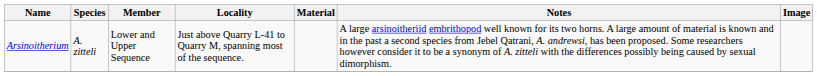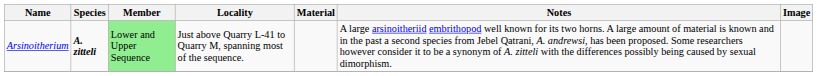 <table class="wikitable" align="center" width="100%">
 <tr>
 <th>Name</th>
 <th>Species</th>
 <th>Member</th>
 <th>Locality</th>
 <th>Material</th>
 <th>Notes</th>
 <th>Image</th>
 </tr>
 <tr>
 <td><em><a href='#'>Arsinoitherium</a></em></td>
-<td><em>A. zitteli</em></td>
-<td>Lower and Upper Sequence</td>
+<td><strong><em>A. zitteli</em></strong></td>
+<td style="background: lightgreen;">Lower and Upper Sequence</td>
 <td>Just above Quarry L-41 to Quarry M, spanning most of the sequence.</td>
 <td></td>
 <td>A large <a href='#'>arsinoitheriid</a> <a href='#'>embrithopod</a> well known for its two horns. A large amount of material is known and in the past a second species from Jebel Qatrani, <em>A. andrewsi</em>, has been proposed. Some researchers however consider it to be a synonym of <em>A. zitteli</em> with the differences possibly being caused by sexual dimorphism.</td>
 <td></td>
 </tr>
 <tr>
 </tr>
 </table>
